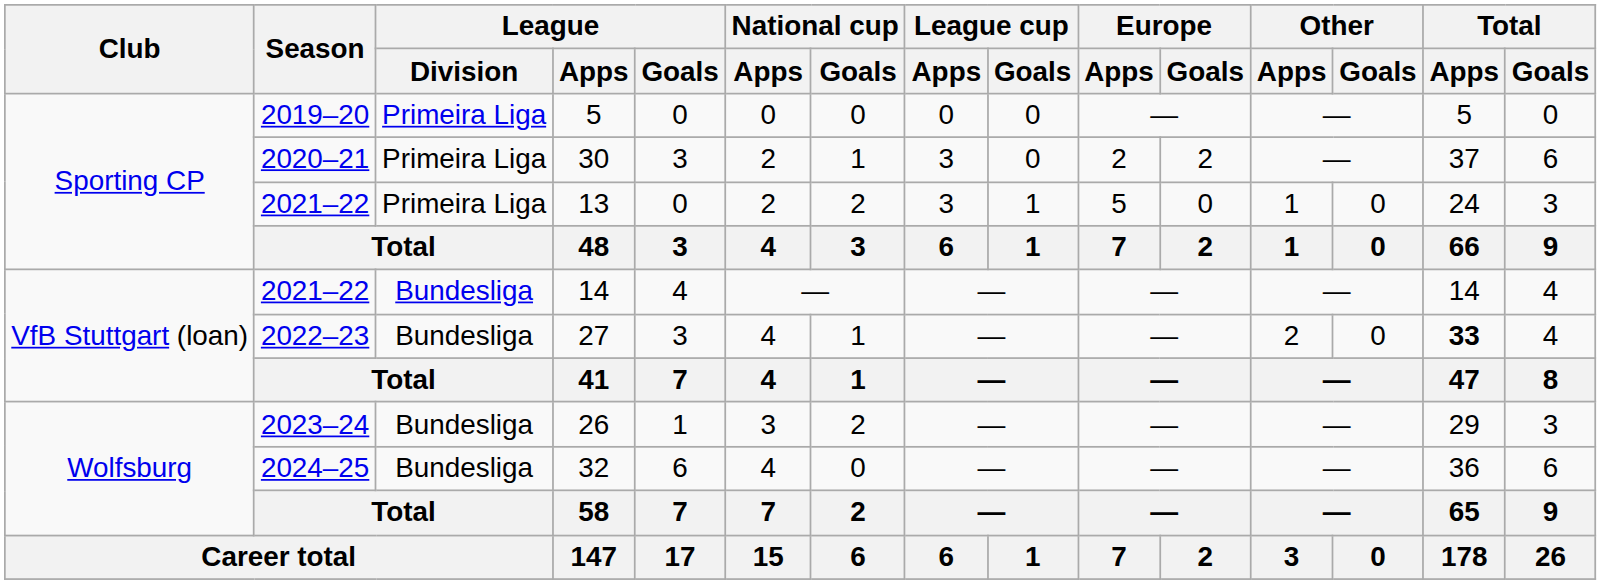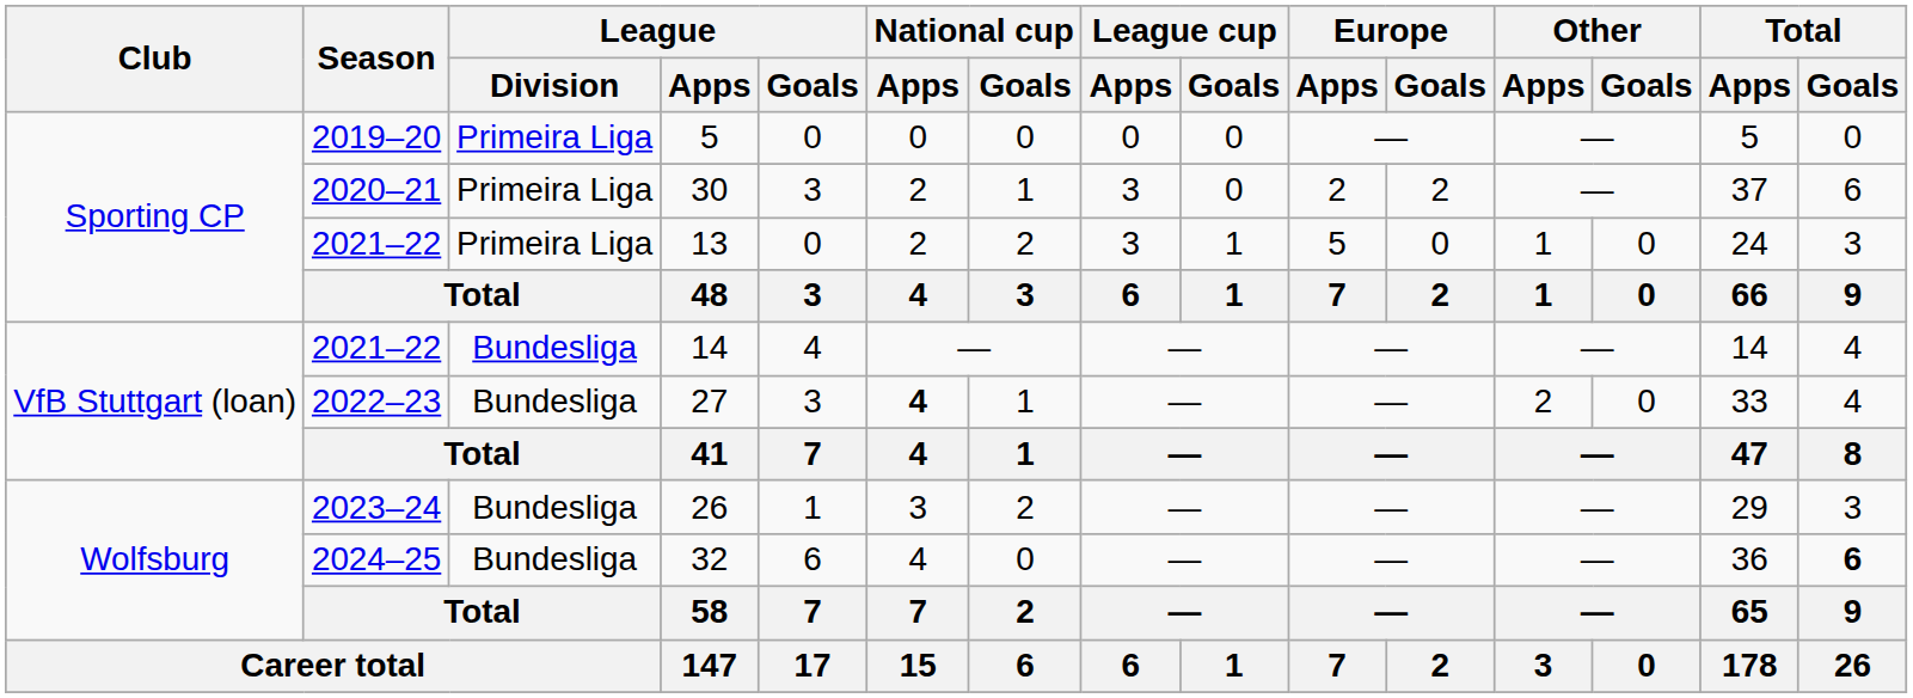 <table class=wikitable style=text-align:center>
 <tr>
 <th rowspan=2>Club</th>
 <th rowspan=2>Season</th>
 <th colspan=3>League</th>
 <th colspan=2>National cup</th>
 <th colspan=2>League cup</th>
 <th colspan=2>Europe</th>
 <th colspan=2>Other</th>
 <th colspan=2>Total</th>
 </tr>
 <tr>
 <th>Division</th>
 <th>Apps</th>
 <th>Goals</th>
 <th>Apps</th>
 <th>Goals</th>
 <th>Apps</th>
 <th>Goals</th>
 <th>Apps</th>
 <th>Goals</th>
 <th>Apps</th>
 <th>Goals</th>
 <th>Apps</th>
 <th>Goals</th>
 </tr>
 <tr>
 <td rowspan=4><a href='#'>Sporting CP</a></td>
 <td><a href='#'>2019–20</a></td>
 <td><a href='#'>Primeira Liga</a></td>
 <td>5</td>
 <td>0</td>
 <td>0</td>
 <td>0</td>
 <td>0</td>
 <td>0</td>
 <td colspan=2>—</td>
 <td colspan=2>—</td>
 <td>5</td>
 <td>0</td>
 </tr>
 <tr>
 <td><a href='#'>2020–21</a></td>
 <td>Primeira Liga</td>
 <td>30</td>
 <td>3</td>
 <td>2</td>
 <td>1</td>
 <td>3</td>
 <td>0</td>
 <td>2</td>
 <td>2</td>
 <td colspan=2>—</td>
 <td>37</td>
 <td>6</td>
 </tr>
 <tr>
 <td><a href='#'>2021–22</a></td>
 <td>Primeira Liga</td>
 <td>13</td>
 <td>0</td>
 <td>2</td>
 <td>2</td>
 <td>3</td>
 <td>1</td>
 <td>5</td>
 <td>0</td>
 <td>1</td>
 <td>0</td>
 <td>24</td>
 <td>3</td>
 </tr>
 <tr>
 <th colspan=2>Total</th>
 <th>48</th>
 <th>3</th>
 <th>4</th>
 <th>3</th>
 <th>6</th>
 <th>1</th>
 <th>7</th>
 <th>2</th>
 <th>1</th>
 <th>0</th>
 <th>66</th>
 <th>9</th>
 </tr>
 <tr>
 <td rowspan="3"><a href='#'>VfB Stuttgart</a> (loan)</td>
 <td><a href='#'>2021–22</a></td>
 <td><a href='#'>Bundesliga</a></td>
 <td>14</td>
 <td>4</td>
 <td colspan=2>—</td>
 <td colspan=2>—</td>
 <td colspan=2>—</td>
 <td colspan=2>—</td>
 <td>14</td>
 <td>4</td>
 </tr>
 <tr>
 <td><a href='#'>2022–23</a></td>
 <td>Bundesliga</td>
 <td>27</td>
 <td>3</td>
-<td>4</td>
+<td><strong>4</strong></td>
 <td>1</td>
 <td colspan="2">—</td>
 <td colspan="2">—</td>
 <td>2</td>
 <td>0</td>
-<td><strong>33</strong></td>
+<td>33</td>
 <td>4</td>
 </tr>
 <tr>
 <th colspan="2">Total</th>
 <th>41</th>
 <th>7</th>
 <th>4</th>
 <th>1</th>
 <th colspan="2">—</th>
 <th colspan="2">—</th>
 <th colspan="2">—</th>
 <th>47</th>
 <th>8</th>
 </tr>
 <tr>
 <td rowspan="3"><a href='#'>Wolfsburg</a></td>
 <td><a href='#'>2023–24</a></td>
 <td>Bundesliga</td>
 <td>26</td>
 <td>1</td>
 <td>3</td>
 <td>2</td>
 <td colspan="2">—</td>
 <td colspan="2">—</td>
 <td colspan="2">—</td>
 <td>29</td>
 <td>3</td>
 </tr>
 <tr>
 <td><a href='#'>2024–25</a></td>
 <td>Bundesliga</td>
 <td>32</td>
 <td>6</td>
 <td>4</td>
 <td>0</td>
 <td colspan="2">—</td>
 <td colspan="2">—</td>
 <td colspan="2">—</td>
 <td>36</td>
-<td>6</td>
+<td><strong>6</strong></td>
 </tr>
 <tr>
 <th colspan="2">Total</th>
 <th>58</th>
 <th>7</th>
 <th>7</th>
 <th>2</th>
 <th colspan="2">—</th>
 <th colspan="2">—</th>
 <th colspan="2">—</th>
 <th>65</th>
 <th>9</th>
 </tr>
 <tr>
 <th colspan="3">Career total</th>
 <th>147</th>
 <th>17</th>
 <th>15</th>
 <th>6</th>
 <th>6</th>
 <th>1</th>
 <th>7</th>
 <th>2</th>
 <th>3</th>
 <th>0</th>
 <th>178</th>
 <th>26</th>
 </tr>
 </table>
